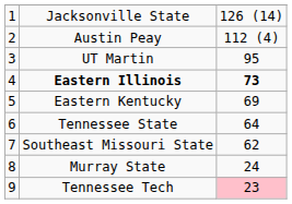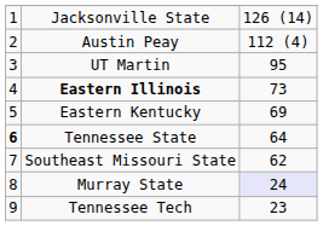 <table class="wikitable" style="display: inline-table;">
 <tr align="center">
 </tr>
 <tr align="center">
 <td>1</td>
 <td>Jacksonville State</td>
 <td>126 (14)</td>
 </tr>
 <tr align="center">
 <td>2</td>
 <td>Austin Peay</td>
 <td>112 (4)</td>
 </tr>
 <tr align="center">
 <td>3</td>
 <td>UT Martin</td>
 <td>95</td>
 </tr>
 <tr align="center">
 <td>4</td>
 <td><strong>Eastern Illinois</strong></td>
-<td><strong>73</strong></td>
+<td>73</td>
 </tr>
 <tr align="center">
 <td>5</td>
 <td>Eastern Kentucky</td>
 <td>69</td>
 </tr>
 <tr align="center">
-<td>6</td>
+<td><strong>6</strong></td>
 <td>Tennessee State</td>
 <td>64</td>
 </tr>
 <tr align="center">
 <td>7</td>
 <td>Southeast Missouri State</td>
 <td>62</td>
 </tr>
 <tr align="center">
 <td>8</td>
 <td>Murray State</td>
-<td>24</td>
+<td style="background: lavender;">24</td>
 </tr>
 <tr align="center">
 <td>9</td>
 <td>Tennessee Tech</td>
-<td style="background: pink;">23</td>
+<td>23</td>
 </tr>
 </table>
